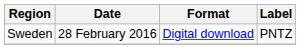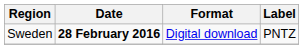 <table class=wikitable>
 <tr>
 <th>Region</th>
 <th>Date</th>
 <th>Format</th>
 <th>Label</th>
 </tr>
 <tr>
 <td>Sweden</td>
-<td>28 February 2016</td>
+<td><strong>28 February 2016</strong></td>
 <td><a href='#'>Digital download</a></td>
 <td>PNTZ</td>
 </tr>
 <tr>
 </tr>
 </table>
